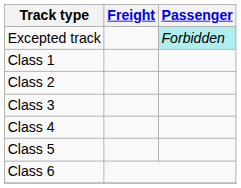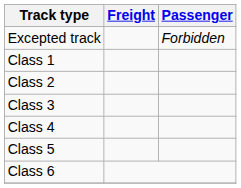 <table class="wikitable">
 <tr>
 <th>Track type</th>
 <th><a href='#'>Freight</a></th>
 <th><a href='#'>Passenger</a></th>
 </tr>
 <tr>
 <td>Excepted track</td>
 <td></td>
-<td style="background: paleturquoise;"><em>Forbidden</em></td>
+<td><em>Forbidden</em></td>
 </tr>
 <tr>
 <td>Class 1</td>
 <td></td>
 <td></td>
 </tr>
 <tr>
 <td>Class 2</td>
 <td></td>
 <td></td>
 </tr>
 <tr>
 <td>Class 3</td>
 <td></td>
 <td></td>
 </tr>
 <tr>
 <td>Class 4</td>
 <td></td>
 <td></td>
 </tr>
 <tr>
 <td>Class 5</td>
 <td></td>
 <td></td>
 </tr>
 <tr>
 <td>Class 6</td>
 <td colspan="2" align="center"></td>
 </tr>
 <tr>
 </tr>
 </table>
